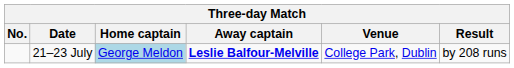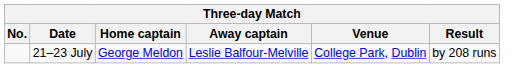 <table class="wikitable">
 <tr>
 <th colspan="9">Three-day Match</th>
 </tr>
 <tr>
 <th>No.</th>
 <th>Date</th>
 <th>Home captain</th>
 <th>Away captain</th>
 <th>Venue</th>
 <th>Result</th>
 </tr>
 <tr>
 <td></td>
 <td>21–23 July</td>
-<td style="background: lightblue;"><a href='#'>George Meldon</a></td>
-<td><strong><a href='#'>Leslie Balfour-Melville</a></strong></td>
+<td><a href='#'>George Meldon</a></td>
+<td><a href='#'>Leslie Balfour-Melville</a></td>
 <td><a href='#'>College Park</a>, <a href='#'>Dublin</a></td>
 <td> by 208 runs</td>
 </tr>
 </table>
